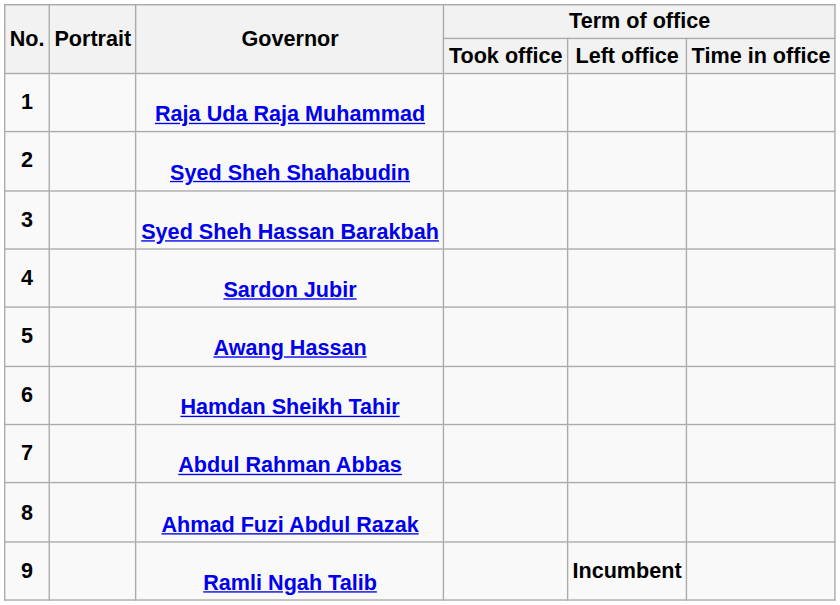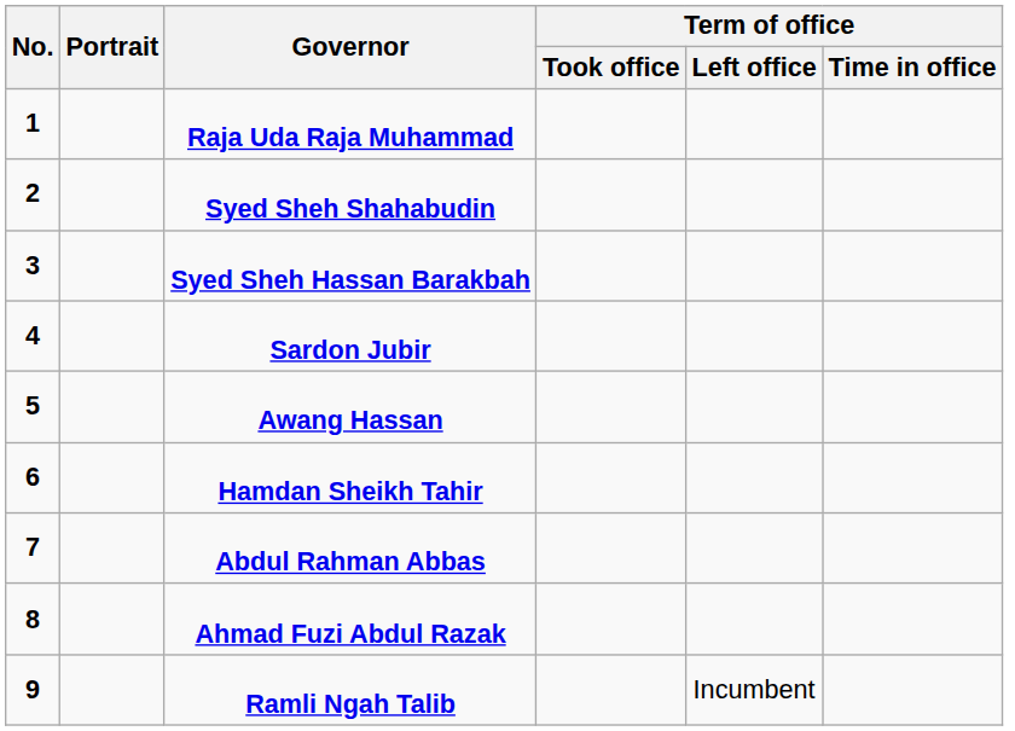 <table class="wikitable" style="text-align:center">
 <tr style="background:#cccccc">
 <th rowspan=2>No.</th>
 <th rowspan=2>Portrait</th>
 <th rowspan=2>Governor</th>
 <th colspan=3>Term of office</th>
 </tr>
 <tr>
 <th>Took office</th>
 <th>Left office</th>
 <th>Time in office</th>
 </tr>
 <tr>
 <td><strong>1</strong></td>
 <td></td>
 <td><br><strong><a href='#'>Raja Uda Raja Muhammad</a></strong><br></td>
 <td></td>
 <td></td>
 <td></td>
 </tr>
 <tr>
 <td><strong>2</strong></td>
 <td></td>
 <td><br><strong><a href='#'>Syed Sheh Shahabudin</a></strong><br></td>
 <td></td>
 <td></td>
 <td></td>
 </tr>
 <tr>
 <td><strong>3</strong></td>
 <td></td>
 <td><br><strong><a href='#'>Syed Sheh Hassan Barakbah</a></strong><br></td>
 <td></td>
 <td></td>
 <td></td>
 </tr>
 <tr>
 <td><strong>4</strong></td>
 <td></td>
 <td><br><strong><a href='#'>Sardon Jubir</a></strong><br></td>
 <td></td>
 <td></td>
 <td></td>
 </tr>
 <tr>
 <td><strong>5</strong></td>
 <td></td>
 <td><br><strong><a href='#'>Awang Hassan</a></strong><br></td>
 <td></td>
 <td></td>
 <td></td>
 </tr>
 <tr>
 <td><strong>6</strong></td>
 <td></td>
 <td><br><strong><a href='#'>Hamdan Sheikh Tahir</a></strong><br></td>
 <td></td>
 <td></td>
 <td></td>
 </tr>
 <tr>
 <td><strong>7</strong></td>
 <td></td>
 <td><br><strong><a href='#'>Abdul Rahman Abbas</a></strong><br></td>
 <td></td>
 <td></td>
 <td></td>
 </tr>
 <tr>
 <td><strong>8</strong></td>
 <td></td>
 <td><br><strong><a href='#'>Ahmad Fuzi Abdul Razak</a></strong><br></td>
 <td></td>
 <td></td>
 <td></td>
 </tr>
 <tr>
 <td><strong>9</strong></td>
 <td></td>
 <td><br><strong><a href='#'>Ramli Ngah Talib</a></strong><br></td>
 <td></td>
-<td><strong>Incumbent</strong></td>
+<td>Incumbent</td>
 <td></td>
 </tr>
 </table>
